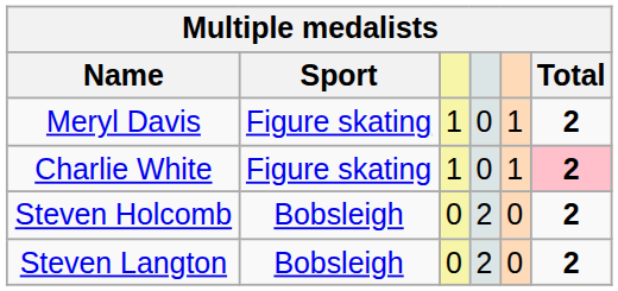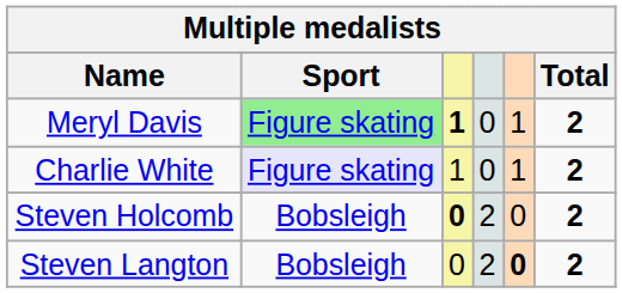 <table class=wikitable style="font-size:85%;text-align:center;float:right;clear:right;">
 <tr>
 <th colspan=6>Multiple medalists</th>
 </tr>
 <tr>
 <th>Name</th>
 <th>Sport</th>
 <td bgcolor=F7F6A8></td>
 <td bgcolor=DCE5E5></td>
 <td bgcolor=FFDAB9></td>
 <th>Total</th>
 </tr>
 <tr>
 <td><a href='#'>Meryl Davis</a></td>
-<td><a href='#'>Figure skating</a></td>
+<td style="background: lightgreen;"><a href='#'>Figure skating</a></td>
+<td bgcolor=F7F6A8><strong>1</strong></td>
+<td bgcolor=DCE5E5>0</td>
+<td bgcolor=FFDAB9>1</td>
+<td><strong>2</strong></td>
+</tr>
+<tr>
+<td><a href='#'>Charlie White</a></td>
+<td style="background: lavender;"><a href='#'>Figure skating</a></td>
 <td bgcolor=F7F6A8>1</td>
 <td bgcolor=DCE5E5>0</td>
 <td bgcolor=FFDAB9>1</td>
 <td><strong>2</strong></td>
 </tr>
 <tr>
-<td><a href='#'>Charlie White</a></td>
-<td><a href='#'>Figure skating</a></td>
-<td bgcolor=F7F6A8>1</td>
-<td bgcolor=DCE5E5>0</td>
-<td bgcolor=FFDAB9>1</td>
-<td style="background: pink;"><strong>2</strong></td>
-</tr>
-<tr>
 <td><a href='#'>Steven Holcomb</a></td>
 <td><a href='#'>Bobsleigh</a></td>
-<td bgcolor=F7F6A8>0</td>
+<td bgcolor=F7F6A8><strong>0</strong></td>
 <td bgcolor=DCE5E5>2</td>
 <td bgcolor=FFDAB9>0</td>
 <td><strong>2</strong></td>
 </tr>
 <tr>
 <td><a href='#'>Steven Langton</a></td>
 <td><a href='#'>Bobsleigh</a></td>
 <td bgcolor=F7F6A8>0</td>
 <td bgcolor=DCE5E5>2</td>
-<td bgcolor=FFDAB9>0</td>
+<td bgcolor=FFDAB9><strong>0</strong></td>
 <td><strong>2</strong></td>
 </tr>
 </table>
